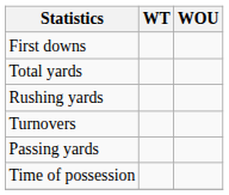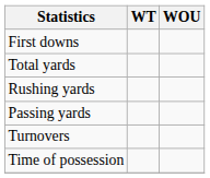 <table class="wikitable" style="float: left;">
 <tr>
 <th>Statistics</th>
 <th>WT</th>
 <th>WOU</th>
 </tr>
 <tr>
 <td>First downs</td>
 <td></td>
 <td></td>
 </tr>
 <tr>
 <td>Total yards</td>
 <td></td>
 <td></td>
 </tr>
 <tr>
 <td>Rushing yards</td>
 <td></td>
 <td></td>
 </tr>
 <tr>
-<td>Turnovers</td>
+<td>Passing yards</td>
 <td></td>
 <td></td>
 </tr>
 <tr>
-<td>Passing yards</td>
+<td>Turnovers</td>
 <td></td>
 <td></td>
 </tr>
 <tr>
 <td>Time of possession</td>
 <td></td>
 <td></td>
 </tr>
 <tr>
 </tr>
 </table>
